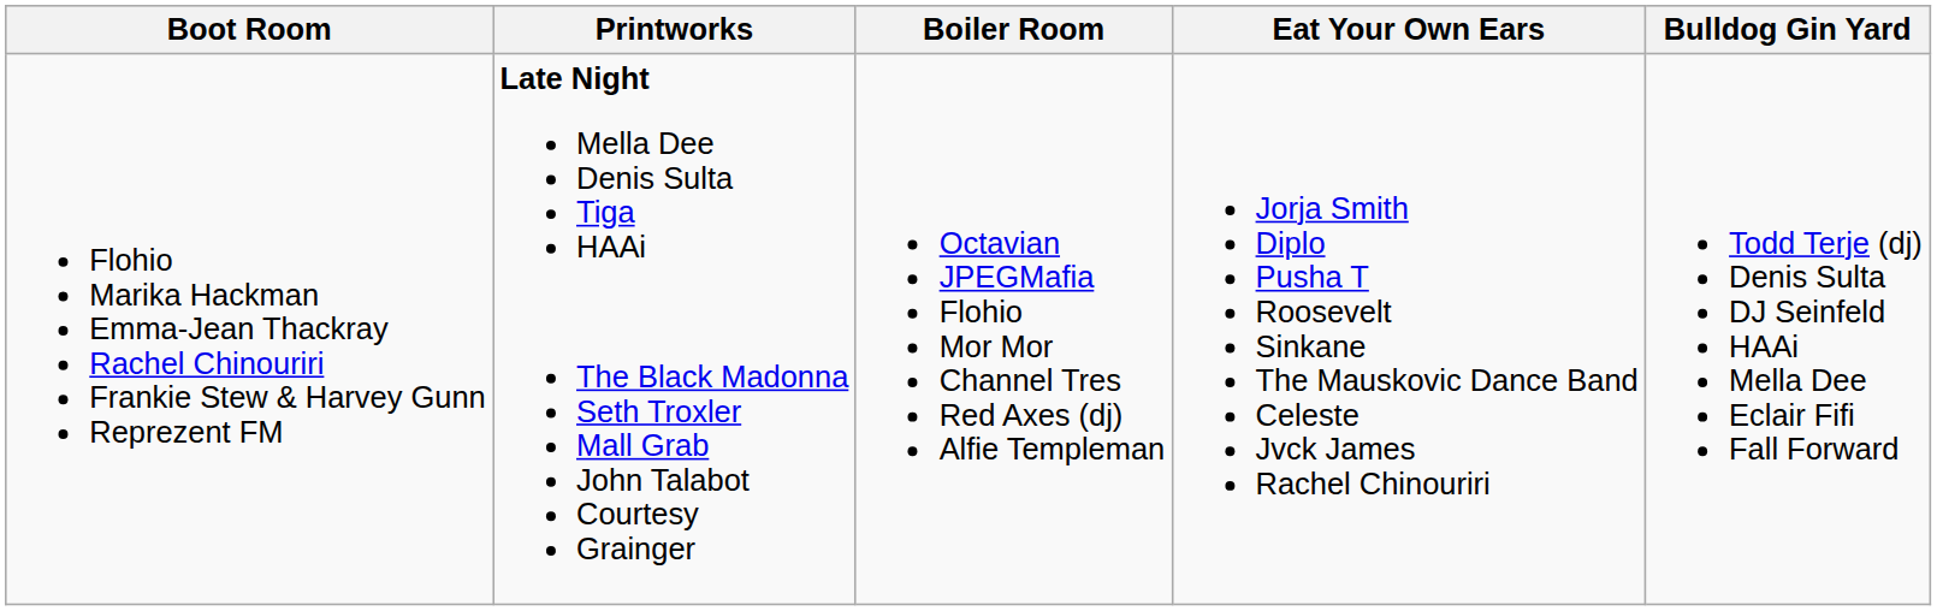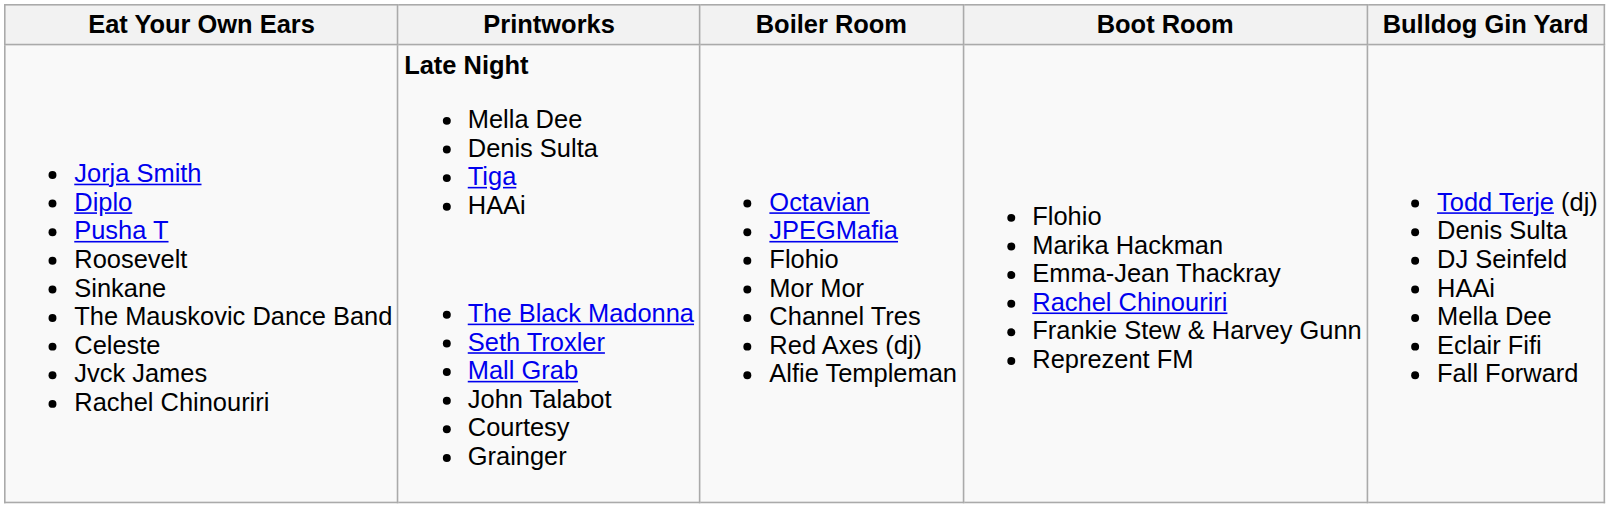 <table class="wikitable">
 <tr>
-<th>Boot Room</th>
+<th>Eat Your Own Ears</th>
 <th>Printworks</th>
 <th>Boiler Room</th>
-<th>Eat Your Own Ears</th>
+<th>Boot Room</th>
 <th>Bulldog Gin Yard</th>
 </tr>
 <tr>
-<td><br><ul><li>Flohio</li><li>Marika Hackman</li><li>Emma-Jean Thackray</li><li><a href='#'>Rachel Chinouriri</a></li><li>Frankie Stew & Harvey Gunn</li><li>Reprezent FM</li></ul></td>
+<td><br><ul><li><a href='#'>Jorja Smith</a></li><li><a href='#'>Diplo</a></li><li><a href='#'>Pusha T</a></li><li>Roosevelt</li><li>Sinkane</li><li>The Mauskovic Dance Band</li><li>Celeste</li><li>Jvck James</li><li>Rachel Chinouriri</li></ul></td>
 <td><strong>Late Night</strong><br><ul><li>Mella Dee</li><li>Denis Sulta</li><li><a href='#'>Tiga</a></li><li>HAAi</li></ul><br><ul><li><a href='#'>The Black Madonna</a></li><li><a href='#'>Seth Troxler</a></li><li><a href='#'>Mall Grab</a></li><li>John Talabot</li><li>Courtesy</li><li>Grainger</li></ul></td>
 <td><br><ul><li><a href='#'>Octavian</a></li><li><a href='#'>JPEGMafia</a></li><li>Flohio</li><li>Mor Mor</li><li>Channel Tres</li><li>Red Axes (dj)</li><li>Alfie Templeman</li></ul></td>
-<td><br><ul><li><a href='#'>Jorja Smith</a></li><li><a href='#'>Diplo</a></li><li><a href='#'>Pusha T</a></li><li>Roosevelt</li><li>Sinkane</li><li>The Mauskovic Dance Band</li><li>Celeste</li><li>Jvck James</li><li>Rachel Chinouriri</li></ul></td>
+<td><br><ul><li>Flohio</li><li>Marika Hackman</li><li>Emma-Jean Thackray</li><li><a href='#'>Rachel Chinouriri</a></li><li>Frankie Stew & Harvey Gunn</li><li>Reprezent FM</li></ul></td>
 <td><br><ul><li><a href='#'>Todd Terje</a> (dj)</li><li>Denis Sulta</li><li>DJ Seinfeld</li><li>HAAi</li><li>Mella Dee</li><li>Eclair Fifi</li><li>Fall Forward</li></ul></td>
 </tr>
 </table>
